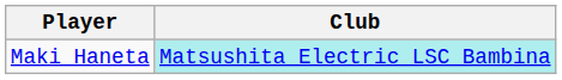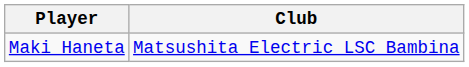 <table class="wikitable">
 <tr>
 <th>Player</th>
 <th>Club</th>
 </tr>
 <tr>
 <td> <a href='#'>Maki Haneta</a></td>
-<td style="background: paleturquoise;"><a href='#'>Matsushita Electric LSC Bambina</a></td>
+<td><a href='#'>Matsushita Electric LSC Bambina</a></td>
 </tr>
 </table>
